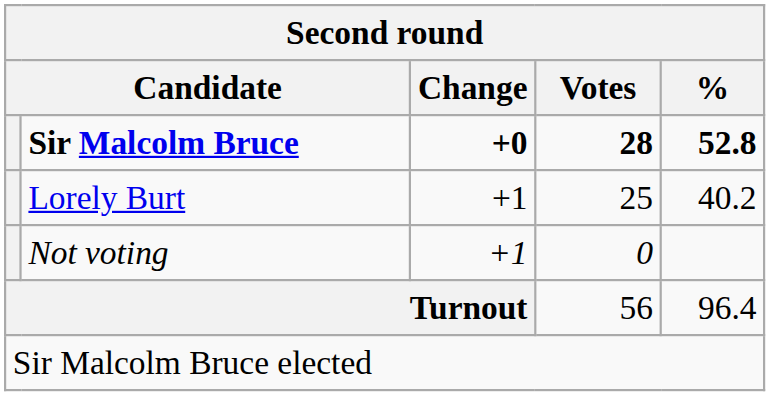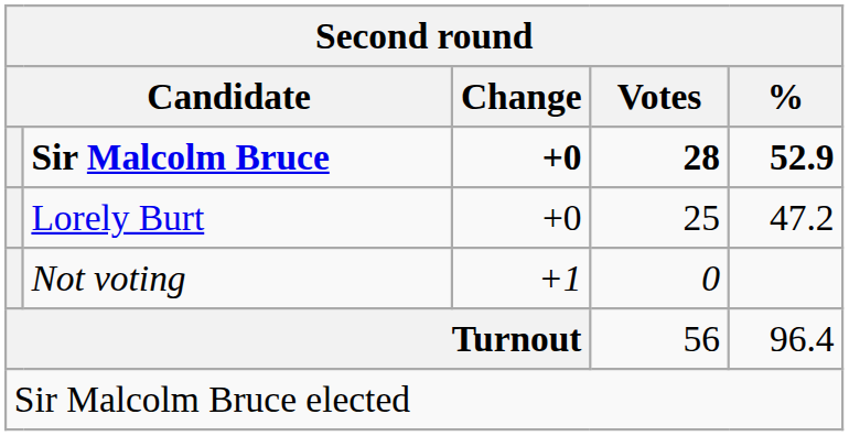 <table class=wikitable style="font-size:95%;">
 <tr>
 <th colspan="5">Second round</th>
 </tr>
 <tr>
 <th colspan="2" style="width: 170px">Candidate</th>
 <th style="width: 40px">Change</th>
 <th style="width: 50px">Votes</th>
 <th style="width: 40px">%</th>
 </tr>
 <tr>
 <th style="background-color: "></th>
 <td style="width: 170px"><strong>Sir <a href='#'>Malcolm Bruce</a></strong></td>
 <td align="right"><strong>+0</strong></td>
 <td align="right"><strong>28</strong></td>
-<td align="right"><strong>52.8</strong></td>
+<td align="right"><strong>52.9</strong></td>
 </tr>
 <tr>
 <th style="background-color: "></th>
 <td style="width: 170px"><a href='#'>Lorely Burt</a></td>
-<td align="right">+1</td>
+<td align="right">+0</td>
 <td align="right">25</td>
-<td align="right">40.2</td>
+<td align="right">47.2</td>
 </tr>
 <tr>
 <th style="background-color: "></th>
 <td style="width: 170px"><em>Not voting</em></td>
 <td align="right"><em>+1</em></td>
 <td align="right"><em>0</em></td>
 <td></td>
 </tr>
 <tr>
 <th colspan="3" style="text-align:right">Turnout</th>
 <td align="right">56</td>
 <td align="right">96.4</td>
 </tr>
 <tr>
 <td colspan="5">Sir Malcolm Bruce elected</td>
 </tr>
 </table>
